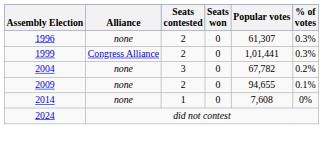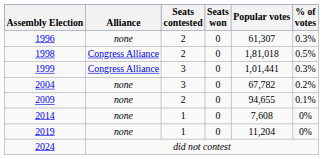 <table class="wikitable sortable" style="text-align:center;">
 <tr style="background:#00f;">
 <th style="background-color:"><br>Assembly Election</th>
 <th ! style="background-color:"><br> Alliance</th>
 <th style="background-color:">Seats<br>contested</th>
 <th style="background-color:">Seats<br>won</th>
 <th style="background-color:">Popular votes</th>
 <th style="background-color:">% of<br> votes</th>
 </tr>
 <tr>
 <td><a href='#'>1996</a></td>
 <td><em>none</em></td>
 <td>2</td>
 <td>0</td>
 <td>61,307</td>
 <td>0.3%</td>
 </tr>
 <tr>
+<td><a href='#'>1998</a></td>
+<td><a href='#'>Congress Alliance</a></td>
+<td>2</td>
+<td>0</td>
+<td>1,81,018</td>
+<td>0.5%</td>
+</tr>
+<tr>
 <td><a href='#'>1999</a></td>
 <td><a href='#'>Congress Alliance</a></td>
-<td>2</td>
+<td>3</td>
 <td>0</td>
 <td>1,01,441</td>
 <td>0.3%</td>
 </tr>
 <tr>
 <td><a href='#'>2004</a></td>
 <td><em>none</em></td>
 <td>3</td>
 <td>0</td>
 <td>67,782</td>
 <td>0.2%</td>
 </tr>
 <tr>
 <td><a href='#'>2009</a></td>
 <td><em>none</em></td>
 <td>2</td>
 <td>0</td>
 <td>94,655</td>
 <td>0.1%</td>
 </tr>
 <tr>
 <td><a href='#'>2014</a></td>
 <td><em>none</em></td>
 <td>1</td>
 <td>0</td>
 <td>7,608</td>
 <td>0%</td>
 </tr>
 <tr>
+<td><a href='#'>2019</a></td>
+<td><em>none</em></td>
+<td>1</td>
+<td>0</td>
+<td>11,204</td>
+<td>0%</td>
+</tr>
+<tr>
 <td><a href='#'>2024</a></td>
 <td colspan="5"><em>did not contest</em></td>
 </tr>
 </table>
